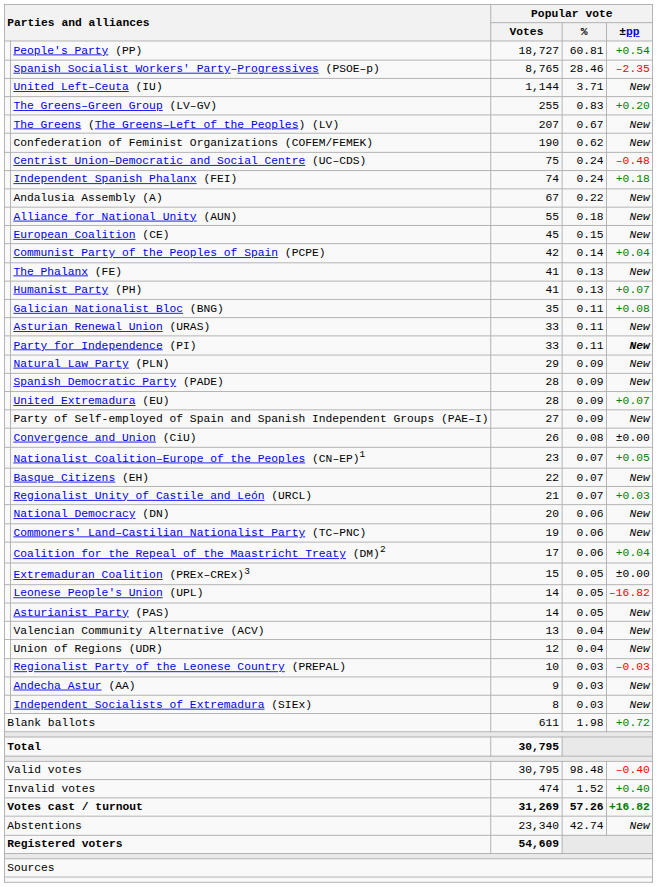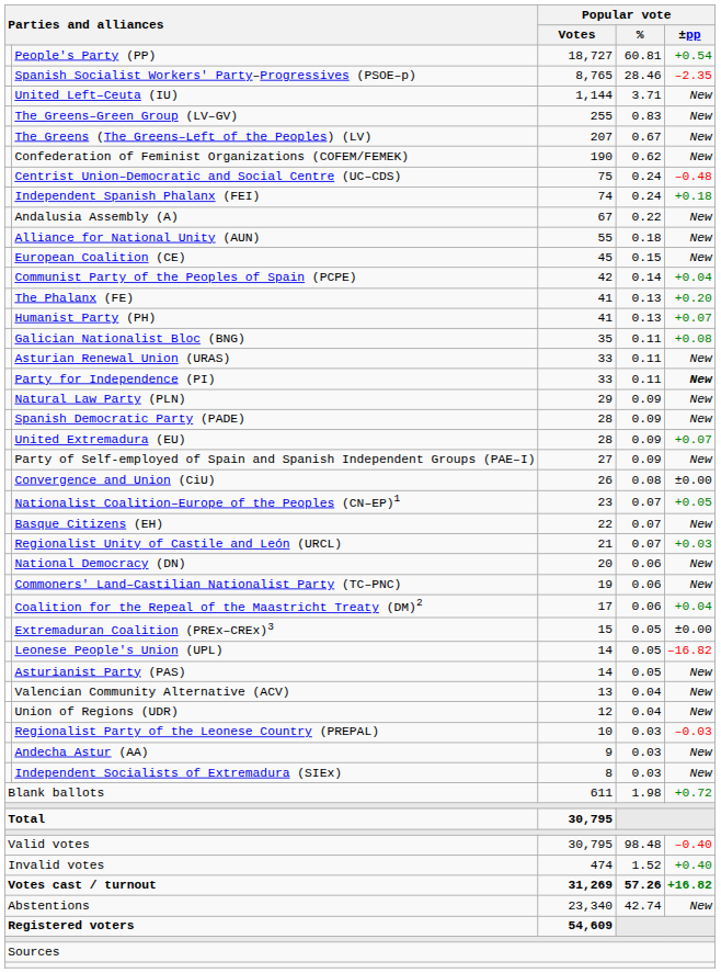 <table class="wikitable" style="text-align:right">
 <tr>
 <th style="text-align:left;" rowspan="2" colspan="2" width="525">Parties and alliances</th>
 <th colspan="3">Popular vote</th>
 </tr>
 <tr>
 <th width="75">Votes</th>
 <th width="45">%</th>
 <th width="45">±<a href='#'>pp</a></th>
 </tr>
 <tr>
 <td width="1" style="color:inherit;background:"></td>
 <td align="left"><a href='#'>People's Party</a> (PP)</td>
 <td>18,727</td>
 <td>60.81</td>
 <td style="color:green;">+0.54</td>
 </tr>
 <tr>
 <td style="color:inherit;background:"></td>
 <td align="left"><a href='#'>Spanish Socialist Workers' Party</a>–<a href='#'>Progressives</a> (PSOE–p)</td>
 <td>8,765</td>
 <td>28.46</td>
 <td style="color:red;">–2.35</td>
 </tr>
 <tr>
 <td style="color:inherit;background:"></td>
 <td align="left"><a href='#'>United Left–Ceuta</a> (IU)</td>
 <td>1,144</td>
 <td>3.71</td>
 <td><em>New</em></td>
 </tr>
 <tr>
 <td style="color:inherit;background:"></td>
 <td align="left"><a href='#'>The Greens–Green Group</a> (LV–GV)</td>
 <td>255</td>
 <td>0.83</td>
-<td style="color:green;">+0.20</td>
+<td><em>New</em></td>
 </tr>
 <tr>
 <td style="color:inherit;background:"></td>
 <td align="left"><a href='#'>The Greens</a> (<a href='#'>The Greens–Left of the Peoples</a>) (LV)</td>
 <td>207</td>
 <td>0.67</td>
 <td><em>New</em></td>
 </tr>
 <tr>
 <td style="color:inherit;background:"></td>
 <td align="left">Confederation of Feminist Organizations (COFEM/FEMEK)</td>
 <td>190</td>
 <td>0.62</td>
 <td><em>New</em></td>
 </tr>
 <tr>
 <td style="color:inherit;background:"></td>
 <td align="left"><a href='#'>Centrist Union–Democratic and Social Centre</a> (UC–CDS)</td>
 <td>75</td>
 <td>0.24</td>
 <td style="color:red;">–0.48</td>
 </tr>
 <tr>
 <td style="color:inherit;background:"></td>
 <td align="left"><a href='#'>Independent Spanish Phalanx</a> (FEI)</td>
 <td>74</td>
 <td>0.24</td>
 <td style="color:green;">+0.18</td>
 </tr>
 <tr>
 <td style="color:inherit;background:"></td>
 <td align="left">Andalusia Assembly (A)</td>
 <td>67</td>
 <td>0.22</td>
 <td><em>New</em></td>
 </tr>
 <tr>
 <td style="color:inherit;background:"></td>
 <td align="left"><a href='#'>Alliance for National Unity</a> (AUN)</td>
 <td>55</td>
 <td>0.18</td>
 <td><em>New</em></td>
 </tr>
 <tr>
 <td style="color:inherit;background:"></td>
 <td align="left"><a href='#'>European Coalition</a> (CE)</td>
 <td>45</td>
 <td>0.15</td>
 <td><em>New</em></td>
 </tr>
 <tr>
 <td style="color:inherit;background:"></td>
 <td align="left"><a href='#'>Communist Party of the Peoples of Spain</a> (PCPE)</td>
 <td>42</td>
 <td>0.14</td>
 <td style="color:green;">+0.04</td>
 </tr>
 <tr>
 <td style="color:inherit;background:"></td>
 <td align="left"><a href='#'>The Phalanx</a> (FE)</td>
 <td>41</td>
 <td>0.13</td>
-<td><em>New</em></td>
+<td style="color:green;">+0.20</td>
 </tr>
 <tr>
 <td style="color:inherit;background:"></td>
 <td align="left"><a href='#'>Humanist Party</a> (PH)</td>
 <td>41</td>
 <td>0.13</td>
 <td style="color:green;">+0.07</td>
 </tr>
 <tr>
 <td style="color:inherit;background:"></td>
 <td align="left"><a href='#'>Galician Nationalist Bloc</a> (BNG)</td>
 <td>35</td>
 <td>0.11</td>
 <td style="color:green;">+0.08</td>
 </tr>
 <tr>
 <td style="color:inherit;background:"></td>
 <td align="left"><a href='#'>Asturian Renewal Union</a> (URAS)</td>
 <td>33</td>
 <td>0.11</td>
 <td><em>New</em></td>
 </tr>
 <tr>
 <td style="color:inherit;background:"></td>
 <td align="left"><a href='#'>Party for Independence</a> (PI)</td>
 <td>33</td>
 <td>0.11</td>
 <td><strong><em>New</em></strong></td>
 </tr>
 <tr>
 <td style="color:inherit;background:"></td>
 <td align="left"><a href='#'>Natural Law Party</a> (PLN)</td>
 <td>29</td>
 <td>0.09</td>
 <td><em>New</em></td>
 </tr>
 <tr>
 <td style="color:inherit;background:"></td>
 <td align="left"><a href='#'>Spanish Democratic Party</a> (PADE)</td>
 <td>28</td>
 <td>0.09</td>
 <td><em>New</em></td>
 </tr>
 <tr>
 <td style="color:inherit;background:"></td>
 <td align="left"><a href='#'>United Extremadura</a> (EU)</td>
 <td>28</td>
 <td>0.09</td>
 <td style="color:green;">+0.07</td>
 </tr>
 <tr>
 <td style="color:inherit;background:"></td>
 <td align="left">Party of Self-employed of Spain and Spanish Independent Groups (PAE–I)</td>
 <td>27</td>
 <td>0.09</td>
 <td><em>New</em></td>
 </tr>
 <tr>
 <td style="color:inherit;background:"></td>
 <td align="left"><a href='#'>Convergence and Union</a> (CiU)</td>
 <td>26</td>
 <td>0.08</td>
 <td>±0.00</td>
 </tr>
 <tr>
 <td style="color:inherit;background:"></td>
 <td align="left"><a href='#'>Nationalist Coalition–Europe of the Peoples</a> (CN–EP)<sup>1</sup></td>
 <td>23</td>
 <td>0.07</td>
 <td style="color:green;">+0.05</td>
 </tr>
 <tr>
 <td style="color:inherit;background:"></td>
 <td align="left"><a href='#'>Basque Citizens</a> (EH)</td>
 <td>22</td>
 <td>0.07</td>
 <td><em>New</em></td>
 </tr>
 <tr>
 <td style="color:inherit;background:"></td>
 <td align="left"><a href='#'>Regionalist Unity of Castile and León</a> (URCL)</td>
 <td>21</td>
 <td>0.07</td>
 <td style="color:green;">+0.03</td>
 </tr>
 <tr>
 <td style="color:inherit;background:"></td>
 <td align="left"><a href='#'>National Democracy</a> (DN)</td>
 <td>20</td>
 <td>0.06</td>
 <td><em>New</em></td>
 </tr>
 <tr>
 <td style="color:inherit;background:"></td>
 <td align="left"><a href='#'>Commoners' Land–Castilian Nationalist Party</a> (TC–PNC)</td>
 <td>19</td>
 <td>0.06</td>
 <td><em>New</em></td>
 </tr>
 <tr>
 <td style="color:inherit;background:"></td>
 <td align="left"><a href='#'>Coalition for the Repeal of the Maastricht Treaty</a> (DM)<sup>2</sup></td>
 <td>17</td>
 <td>0.06</td>
 <td style="color:green;">+0.04</td>
 </tr>
 <tr>
 <td style="color:inherit;background:"></td>
 <td align="left"><a href='#'>Extremaduran Coalition</a> (PREx–CREx)<sup>3</sup></td>
 <td>15</td>
 <td>0.05</td>
 <td>±0.00</td>
 </tr>
 <tr>
 <td style="color:inherit;background:"></td>
 <td align="left"><a href='#'>Leonese People's Union</a> (UPL)</td>
 <td>14</td>
 <td>0.05</td>
 <td style="color:red;">–16.82</td>
 </tr>
 <tr>
 <td style="color:inherit;background:"></td>
 <td align="left"><a href='#'>Asturianist Party</a> (PAS)</td>
 <td>14</td>
 <td>0.05</td>
 <td><em>New</em></td>
 </tr>
 <tr>
 <td bgcolor="white"></td>
 <td align="left">Valencian Community Alternative (ACV)</td>
 <td>13</td>
 <td>0.04</td>
 <td><em>New</em></td>
 </tr>
 <tr>
 <td bgcolor="white"></td>
 <td align="left">Union of Regions (UDR)</td>
 <td>12</td>
 <td>0.04</td>
 <td><em>New</em></td>
 </tr>
 <tr>
 <td style="color:inherit;background:"></td>
 <td align="left"><a href='#'>Regionalist Party of the Leonese Country</a> (PREPAL)</td>
 <td>10</td>
 <td>0.03</td>
 <td style="color:red;">–0.03</td>
 </tr>
 <tr>
 <td style="color:inherit;background:"></td>
 <td align="left"><a href='#'>Andecha Astur</a> (AA)</td>
 <td>9</td>
 <td>0.03</td>
 <td><em>New</em></td>
 </tr>
 <tr>
 <td style="color:inherit;background:"></td>
 <td align="left"><a href='#'>Independent Socialists of Extremadura</a> (SIEx)</td>
 <td>8</td>
 <td>0.03</td>
 <td><em>New</em></td>
 </tr>
 <tr>
 <td align="left" colspan="2">Blank ballots</td>
 <td>611</td>
 <td>1.98</td>
 <td style="color:green;">+0.72</td>
 </tr>
 <tr>
 <td colspan="5" bgcolor="#E9E9E9"></td>
 </tr>
 <tr style="font-weight:bold;">
 <td align="left" colspan="2">Total</td>
 <td>30,795</td>
 <td bgcolor="#E9E9E9" colspan="2"></td>
 </tr>
 <tr>
 <td colspan="5" bgcolor="#E9E9E9"></td>
 </tr>
 <tr>
 <td align="left" colspan="2">Valid votes</td>
 <td>30,795</td>
 <td>98.48</td>
 <td style="color:red;">–0.40</td>
 </tr>
 <tr>
 <td align="left" colspan="2">Invalid votes</td>
 <td>474</td>
 <td>1.52</td>
 <td style="color:green;">+0.40</td>
 </tr>
 <tr style="font-weight:bold;">
 <td align="left" colspan="2">Votes cast / turnout</td>
 <td>31,269</td>
 <td>57.26</td>
 <td style="color:green;">+16.82</td>
 </tr>
 <tr>
 <td align="left" colspan="2">Abstentions</td>
 <td>23,340</td>
 <td>42.74</td>
 <td><em>New</em></td>
 </tr>
 <tr style="font-weight:bold;">
 <td align="left" colspan="2">Registered voters</td>
 <td>54,609</td>
 <td bgcolor="#E9E9E9" colspan="2"></td>
 </tr>
 <tr>
 <td colspan="5" bgcolor="#E9E9E9"></td>
 </tr>
 <tr>
 <td align="left" colspan="5">Sources</td>
 </tr>
 <tr>
 <td colspan="5" style="text-align:left; max-width:680px;"></td>
 </tr>
 </table>
